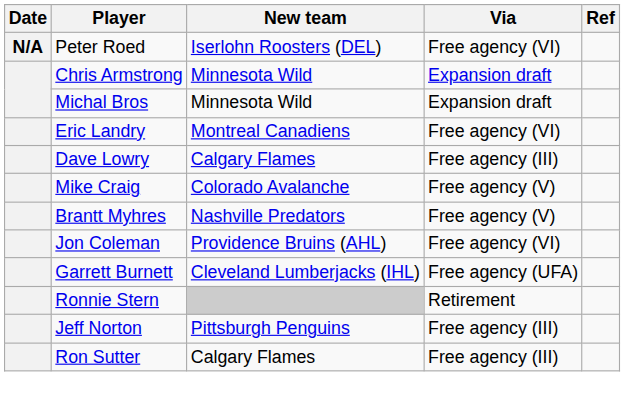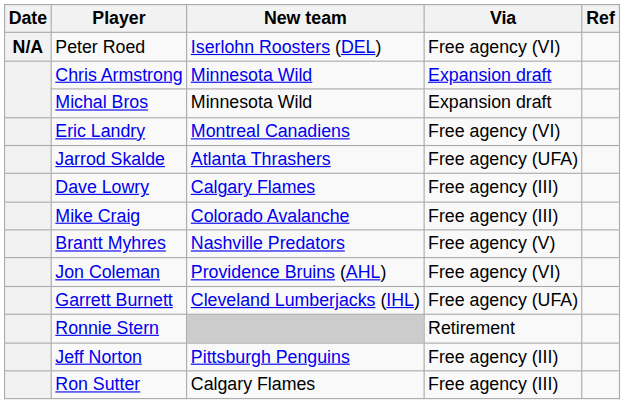 <table class="wikitable plainrowheaders">
 <tr style="background:#ddd; text-align:center;">
 <th>Date</th>
 <th>Player</th>
 <th>New team</th>
 <th>Via</th>
 <th>Ref</th>
 </tr>
 <tr>
 <th scope="row">N/A</th>
 <td>Peter Roed</td>
 <td><a href='#'>Iserlohn Roosters</a> (<a href='#'>DEL</a>)</td>
 <td>Free agency (VI)</td>
 <td></td>
 </tr>
 <tr>
 <th scope="row" rowspan=2></th>
 <td><a href='#'>Chris Armstrong</a></td>
 <td><a href='#'>Minnesota Wild</a></td>
 <td><a href='#'>Expansion draft</a></td>
 <td></td>
 </tr>
 <tr>
 <td><a href='#'>Michal Bros</a></td>
 <td>Minnesota Wild</td>
 <td>Expansion draft</td>
 <td></td>
 </tr>
 <tr>
 <th scope="row"></th>
 <td><a href='#'>Eric Landry</a></td>
 <td><a href='#'>Montreal Canadiens</a></td>
 <td>Free agency (VI)</td>
 <td></td>
 </tr>
 <tr>
 <th scope="row"></th>
+<td><a href='#'>Jarrod Skalde</a></td>
+<td><a href='#'>Atlanta Thrashers</a></td>
+<td>Free agency (UFA)</td>
+<td></td>
+</tr>
+<tr>
+<th scope="row"></th>
 <td><a href='#'>Dave Lowry</a></td>
 <td><a href='#'>Calgary Flames</a></td>
 <td>Free agency (III)</td>
 <td></td>
 </tr>
 <tr>
 <th scope="row"></th>
 <td><a href='#'>Mike Craig</a></td>
 <td><a href='#'>Colorado Avalanche</a></td>
-<td>Free agency (V)</td>
+<td>Free agency (III)</td>
 <td></td>
 </tr>
 <tr>
 <th scope="row"></th>
 <td><a href='#'>Brantt Myhres</a></td>
 <td><a href='#'>Nashville Predators</a></td>
 <td>Free agency (V)</td>
 <td></td>
 </tr>
 <tr>
 <th scope="row"></th>
 <td><a href='#'>Jon Coleman</a></td>
 <td><a href='#'>Providence Bruins</a> (<a href='#'>AHL</a>)</td>
 <td>Free agency (VI)</td>
 <td></td>
 </tr>
 <tr>
 <th scope="row"></th>
 <td><a href='#'>Garrett Burnett</a></td>
 <td><a href='#'>Cleveland Lumberjacks</a> (<a href='#'>IHL</a>)</td>
 <td>Free agency (UFA)</td>
 <td></td>
 </tr>
 <tr>
 <th scope="row"></th>
 <td><a href='#'>Ronnie Stern</a></td>
 <td style="background:#ccc"></td>
 <td>Retirement</td>
 <td></td>
 </tr>
 <tr>
 <th scope="row"></th>
 <td><a href='#'>Jeff Norton</a></td>
 <td><a href='#'>Pittsburgh Penguins</a></td>
 <td>Free agency (III)</td>
 <td></td>
 </tr>
 <tr>
 <th scope="row"></th>
 <td><a href='#'>Ron Sutter</a></td>
 <td>Calgary Flames</td>
 <td>Free agency (III)</td>
 <td></td>
 </tr>
 </table>
